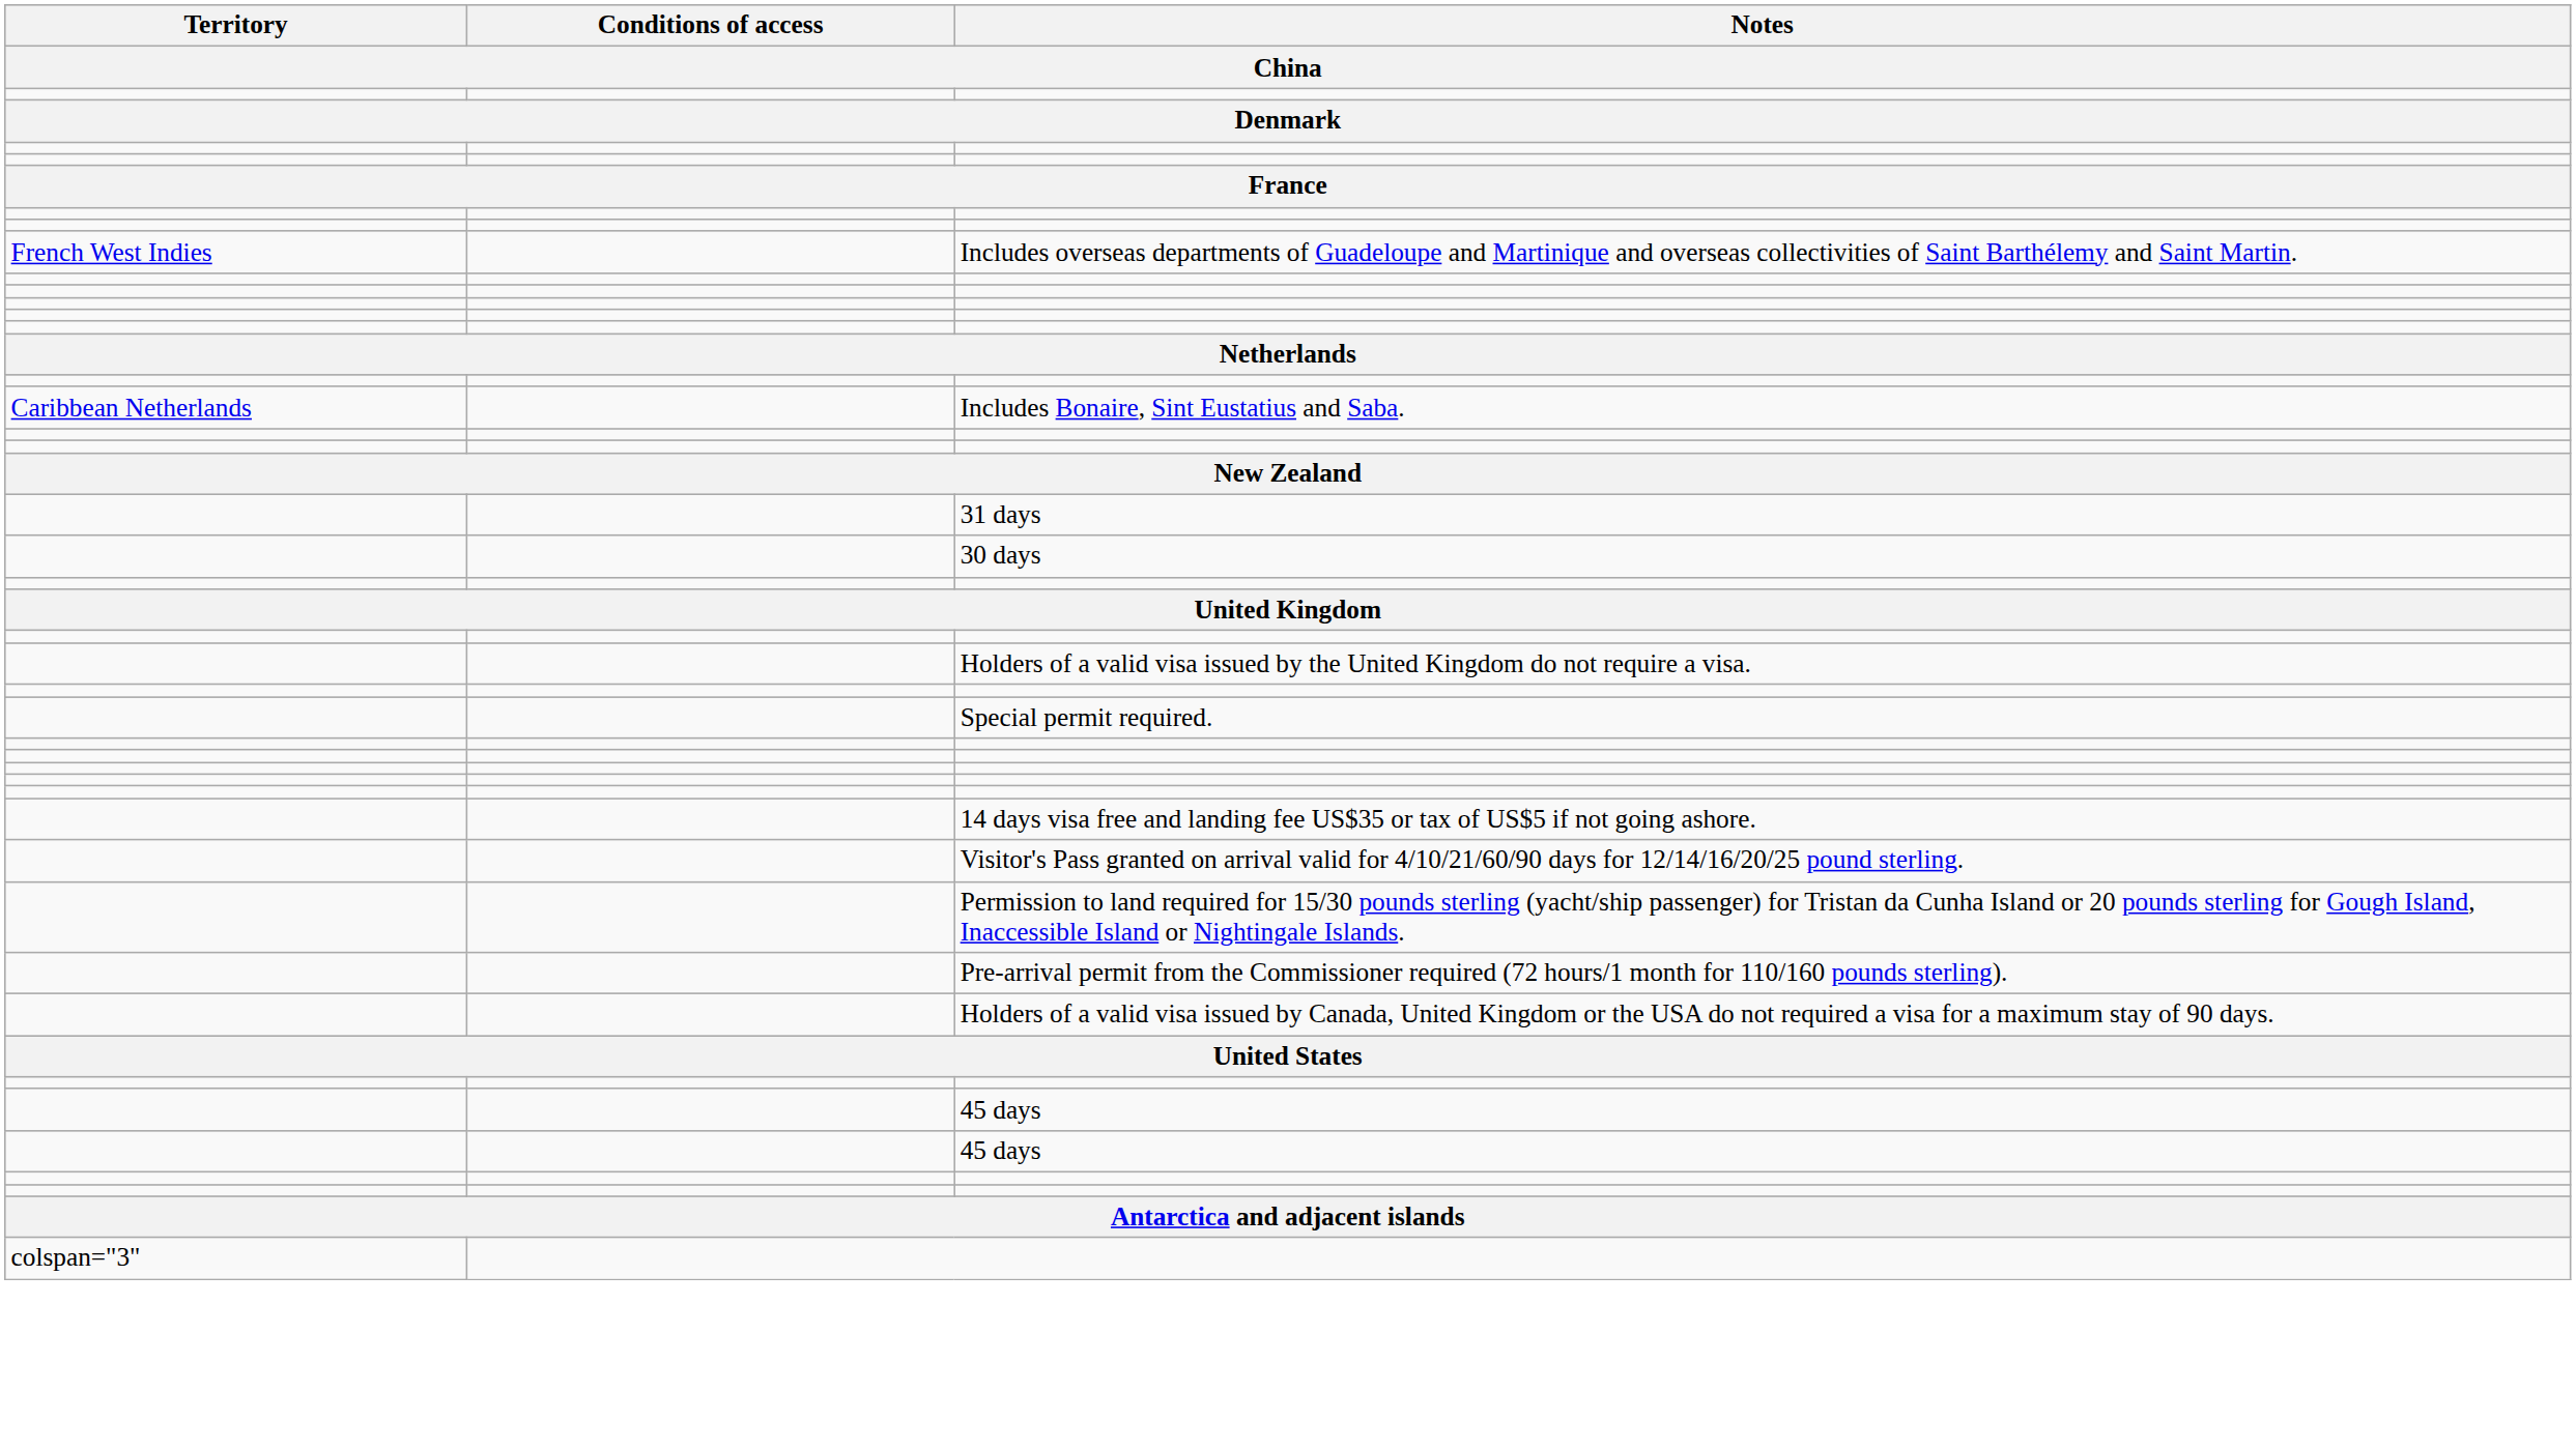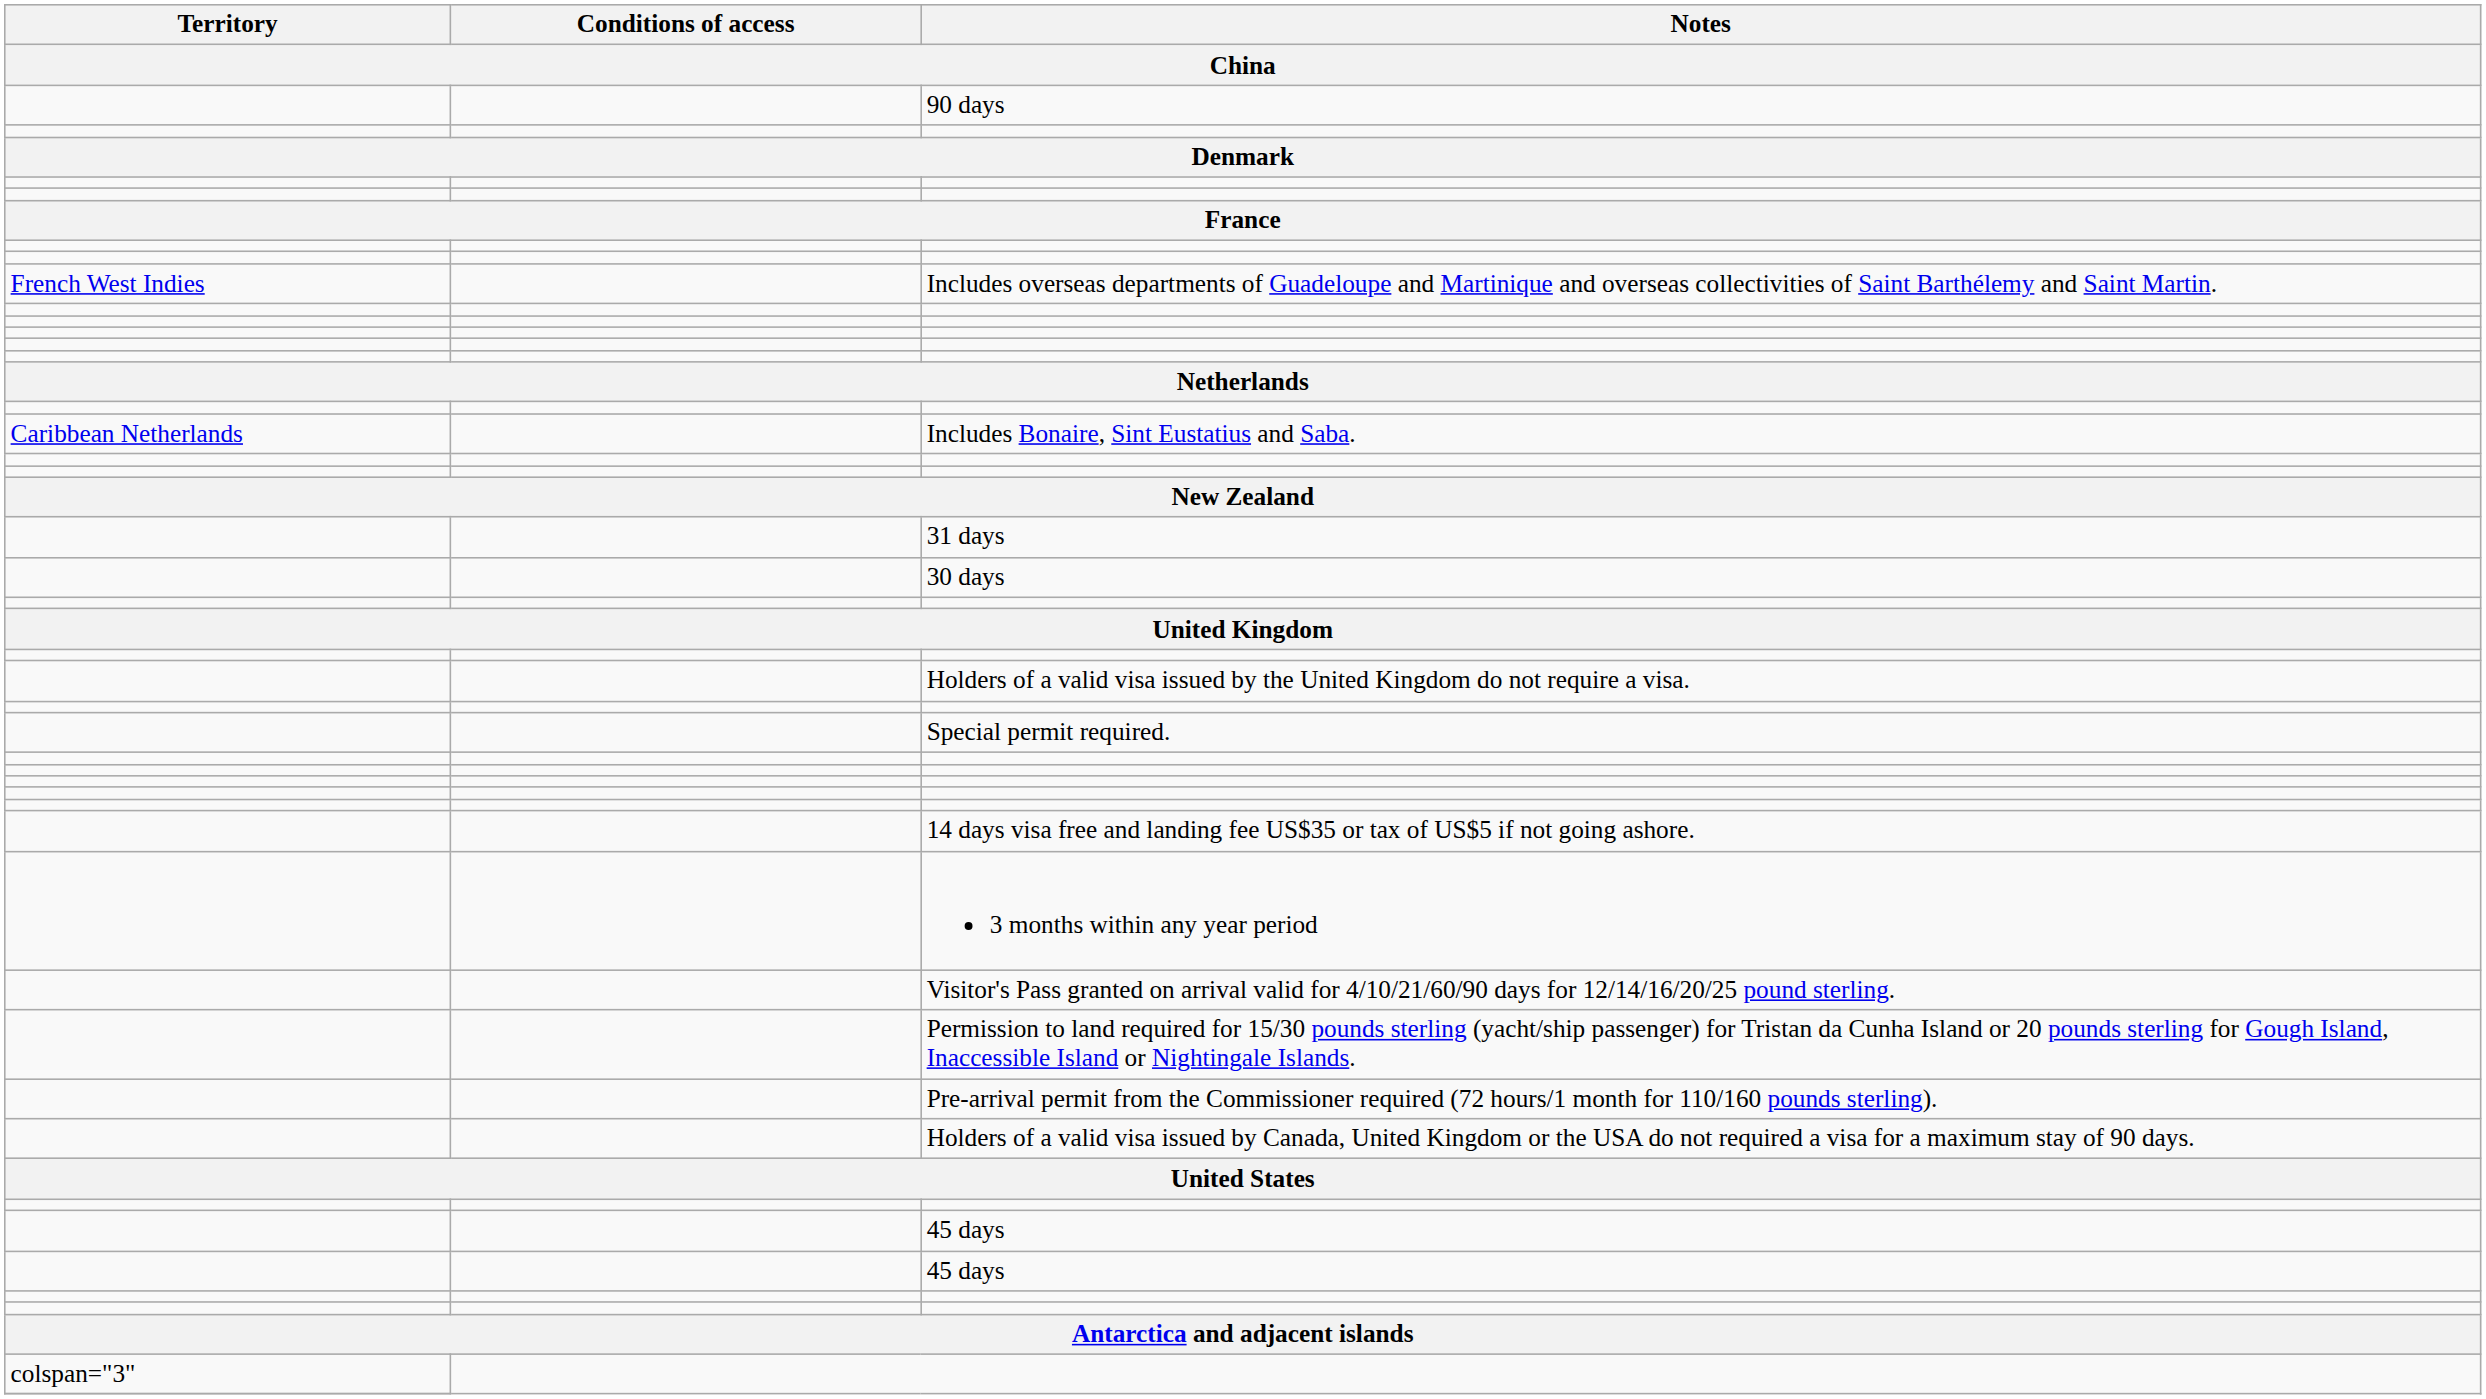 <table class="wikitable" style="text-align: left; table-layout: fixed;">
 <tr>
 <th width="18%">Territory</th>
 <th width="19%">Conditions of access</th>
 <th>Notes</th>
 </tr>
 <tr>
 <th colspan="3">China</th>
+</tr>
+<tr>
+<td></td>
+<td></td>
+<td>90 days</td>
 </tr>
 <tr>
 <td></td>
 <td></td>
 <td></td>
 </tr>
 <tr>
 <th colspan="3">Denmark</th>
 </tr>
 <tr>
 <td></td>
 <td></td>
 <td></td>
 </tr>
 <tr>
 <td></td>
 <td></td>
 <td></td>
 </tr>
 <tr>
 <th colspan="3">France</th>
 </tr>
 <tr>
 <td></td>
 <td></td>
 <td></td>
 </tr>
 <tr>
 <td></td>
 <td></td>
 <td></td>
 </tr>
 <tr>
 <td> <a href='#'>French West Indies</a></td>
 <td></td>
 <td>Includes overseas departments of <a href='#'>Guadeloupe</a> and <a href='#'>Martinique</a> and overseas collectivities of <a href='#'>Saint Barthélemy</a> and <a href='#'>Saint Martin</a>.</td>
 </tr>
 <tr>
 <td></td>
 <td></td>
 <td></td>
 </tr>
 <tr>
 <td></td>
 <td></td>
 <td></td>
 </tr>
 <tr>
 <td></td>
 <td></td>
 <td></td>
 </tr>
 <tr>
 <td></td>
 <td></td>
 <td></td>
 </tr>
 <tr>
 <td></td>
 <td></td>
 <td></td>
 </tr>
 <tr>
 <th colspan="3">Netherlands</th>
 </tr>
 <tr>
 <td></td>
 <td></td>
 <td></td>
 </tr>
 <tr>
 <td> <a href='#'>Caribbean Netherlands</a></td>
 <td></td>
 <td>Includes <a href='#'>Bonaire</a>, <a href='#'>Sint Eustatius</a> and <a href='#'>Saba</a>.</td>
 </tr>
 <tr>
 <td></td>
 <td></td>
 <td></td>
 </tr>
 <tr>
 <td></td>
 <td></td>
 <td></td>
 </tr>
 <tr>
 <th colspan="3">New Zealand</th>
 </tr>
 <tr>
 <td></td>
 <td></td>
 <td>31 days</td>
 </tr>
 <tr>
 <td></td>
 <td></td>
 <td>30 days</td>
 </tr>
 <tr>
 <td></td>
 <td></td>
 <td></td>
 </tr>
 <tr>
 <th colspan="3">United Kingdom</th>
 </tr>
 <tr>
 <td></td>
 <td></td>
 <td></td>
 </tr>
 <tr>
 <td></td>
 <td></td>
 <td>Holders of a valid visa issued by the United Kingdom do not require a visa.</td>
 </tr>
 <tr>
 <td></td>
 <td></td>
 <td></td>
 </tr>
 <tr>
 <td></td>
 <td></td>
 <td>Special permit required.</td>
 </tr>
 <tr>
 <td></td>
 <td></td>
 <td></td>
 </tr>
 <tr>
 <td></td>
 <td></td>
 <td></td>
 </tr>
 <tr>
 <td></td>
 <td></td>
 <td></td>
 </tr>
 <tr>
 <td></td>
 <td></td>
 <td></td>
 </tr>
 <tr>
 <td></td>
 <td></td>
 <td></td>
 </tr>
 <tr>
 <td></td>
 <td></td>
 <td>14 days visa free and landing fee US$35 or tax of US$5 if not going ashore.</td>
 </tr>
 <tr>
 <td></td>
 <td></td>
+<td><br><ul><li>3 months within any year period</li></ul></td>
+</tr>
+<tr>
+<td></td>
+<td></td>
 <td>Visitor's Pass granted on arrival valid for 4/10/21/60/90 days for 12/14/16/20/25 <a href='#'>pound sterling</a>.</td>
 </tr>
 <tr>
 <td></td>
 <td></td>
 <td>Permission to land required for 15/30 <a href='#'>pounds sterling</a> (yacht/ship passenger) for Tristan da Cunha Island or 20 <a href='#'>pounds sterling</a> for <a href='#'>Gough Island</a>, <a href='#'>Inaccessible Island</a> or <a href='#'>Nightingale Islands</a>.</td>
 </tr>
 <tr>
 <td></td>
 <td></td>
 <td>Pre-arrival permit from the Commissioner required (72 hours/1 month for 110/160 <a href='#'>pounds sterling</a>).</td>
 </tr>
 <tr>
 <td></td>
 <td></td>
 <td>Holders of a valid visa issued by Canada, United Kingdom or the USA do not required a visa for a maximum stay of 90 days.</td>
 </tr>
 <tr>
 <th colspan="3">United States</th>
 </tr>
 <tr>
 <td></td>
 <td></td>
 <td></td>
 </tr>
 <tr>
 <td></td>
 <td></td>
 <td>45 days</td>
 </tr>
 <tr>
 <td></td>
 <td></td>
 <td>45 days</td>
 </tr>
 <tr>
 <td></td>
 <td></td>
 <td></td>
 </tr>
 <tr>
 <td></td>
 <td></td>
 <td></td>
 </tr>
 <tr>
 <th colspan="3"><a href='#'>Antarctica</a> and adjacent islands</th>
 </tr>
 <tr>
 <td>colspan="3" </td>
 </tr>
 <tr>
 </tr>
 </table>
